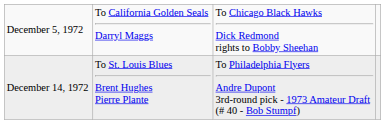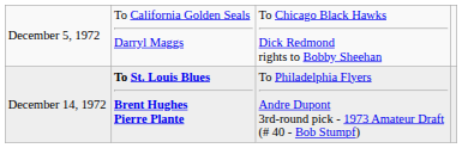 <table class="wikitable" style="border:1px solid #999; width:580px;">
 <tr>
 <td>December 5, 1972</td>
 <td valign="top">To <a href='#'>California Golden Seals</a><hr><a href='#'>Darryl Maggs</a></td>
 <td valign="top">To <a href='#'>Chicago Black Hawks</a><hr><a href='#'>Dick Redmond</a><br>rights to <a href='#'>Bobby Sheehan</a></td>
 <td></td>
 </tr>
 <tr bgcolor="eeeeee">
 <td>December 14, 1972</td>
-<td valign="top">To <a href='#'>St. Louis Blues</a><hr><a href='#'>Brent Hughes</a><br><a href='#'>Pierre Plante</a></td>
+<td valign="top"><strong>To <a href='#'>St. Louis Blues</a><hr><a href='#'>Brent Hughes</a><br><a href='#'>Pierre Plante</a></strong></td>
 <td valign="top">To <a href='#'>Philadelphia Flyers</a><hr><a href='#'>Andre Dupont</a><br>3rd-round pick - <a href='#'>1973 Amateur Draft</a><br>(# 40 - <a href='#'>Bob Stumpf</a>)</td>
 <td></td>
 </tr>
 </table>
